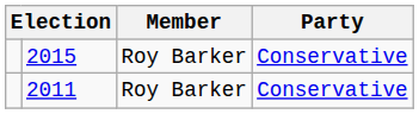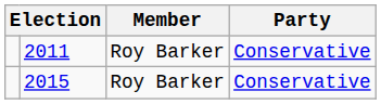 <table class="wikitable">
 <tr>
 <th colspan="2">Election</th>
 <th>Member</th>
 <th>Party</th>
 </tr>
 <tr>
 <td style="background-color: "></td>
-<td><a href='#'>2015</a></td>
+<td><a href='#'>2011</a></td>
 <td>Roy Barker</td>
 <td><a href='#'>Conservative</a></td>
 </tr>
 <tr>
 <td style="background-color: "></td>
-<td><a href='#'>2011</a></td>
+<td><a href='#'>2015</a></td>
 <td>Roy Barker</td>
 <td><a href='#'>Conservative</a></td>
 </tr>
 </table>
